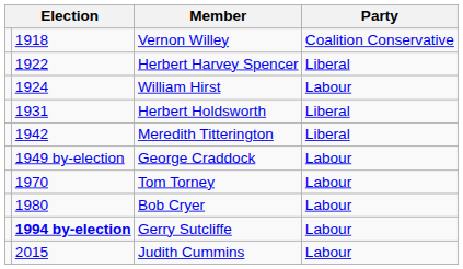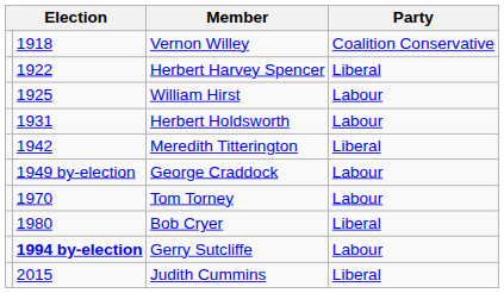 <table class="wikitable">
 <tr>
 <th colspan="2">Election</th>
 <th>Member</th>
 <th>Party</th>
 </tr>
 <tr>
 <td style="color:inherit;background-color: "></td>
 <td><a href='#'>1918</a></td>
 <td><a href='#'>Vernon Willey</a></td>
 <td><a href='#'>Coalition Conservative</a></td>
 </tr>
 <tr>
 <td style="color:inherit;background-color: "></td>
 <td><a href='#'>1922</a></td>
 <td><a href='#'>Herbert Harvey Spencer</a></td>
 <td><a href='#'>Liberal</a></td>
 </tr>
 <tr>
 <td style="color:inherit;background-color: "></td>
-<td><a href='#'>1924</a></td>
+<td><a href='#'>1925</a></td>
 <td><a href='#'>William Hirst</a></td>
 <td><a href='#'>Labour</a></td>
 </tr>
 <tr>
 <td style="color:inherit;background-color: "></td>
 <td><a href='#'>1931</a></td>
 <td><a href='#'>Herbert Holdsworth</a></td>
-<td><a href='#'>Liberal</a></td>
+<td><a href='#'>Labour</a></td>
 </tr>
 <tr>
 <td style="color:inherit;background-color: "></td>
 <td><a href='#'>1942</a></td>
 <td><a href='#'>Meredith Titterington</a></td>
 <td><a href='#'>Liberal</a></td>
 </tr>
 <tr>
 <td style="color:inherit;background-color: "></td>
 <td><a href='#'>1949 by-election</a></td>
 <td><a href='#'>George Craddock</a></td>
 <td><a href='#'>Labour</a></td>
 </tr>
 <tr>
 <td style="color:inherit;background-color: "></td>
 <td><a href='#'>1970</a></td>
 <td><a href='#'>Tom Torney</a></td>
 <td><a href='#'>Labour</a></td>
 </tr>
 <tr>
 <td style="color:inherit;background-color: "></td>
 <td><a href='#'>1980</a></td>
 <td><a href='#'>Bob Cryer</a></td>
-<td><a href='#'>Labour</a></td>
+<td><a href='#'>Liberal</a></td>
 </tr>
 <tr>
 <td style="color:inherit;background-color: "></td>
 <td><strong><a href='#'>1994 by-election</a></strong></td>
 <td><a href='#'>Gerry Sutcliffe</a></td>
 <td><a href='#'>Labour</a></td>
 </tr>
 <tr>
 <td style="color:inherit;background-color: "></td>
 <td><a href='#'>2015</a></td>
 <td><a href='#'>Judith Cummins</a></td>
-<td><a href='#'>Labour</a></td>
+<td><a href='#'>Liberal</a></td>
 </tr>
 </table>
